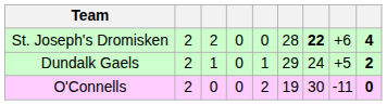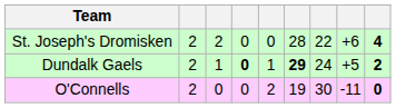 <table class="wikitable" style="text-align:center">
 <tr>
 <th style="width:175px;">Team</th>
 <th width="20"></th>
 <th width="20"></th>
 <th width="20"></th>
 <th width="20"></th>
 <th width="20"></th>
 <th width="20"></th>
 <th width="20"></th>
 <th width="20"></th>
 </tr>
 <tr style="background:#cfc;">
 <td>St. Joseph's Dromisken</td>
 <td>2</td>
 <td>2</td>
 <td>0</td>
 <td>0</td>
 <td>28</td>
-<td><strong>22</strong></td>
+<td>22</td>
 <td>+6</td>
 <td><strong>4</strong></td>
 </tr>
 <tr style="background:#cfc;">
 <td>Dundalk Gaels</td>
 <td>2</td>
 <td>1</td>
-<td>0</td>
+<td><strong>0</strong></td>
 <td>1</td>
-<td>29</td>
+<td><strong>29</strong></td>
 <td>24</td>
 <td>+5</td>
 <td><strong>2</strong></td>
 </tr>
 <tr style="background:#fcf;">
 <td>O'Connells</td>
 <td>2</td>
 <td>0</td>
 <td>0</td>
 <td>2</td>
 <td>19</td>
 <td>30</td>
 <td>-11</td>
 <td><strong>0</strong></td>
 </tr>
 </table>
